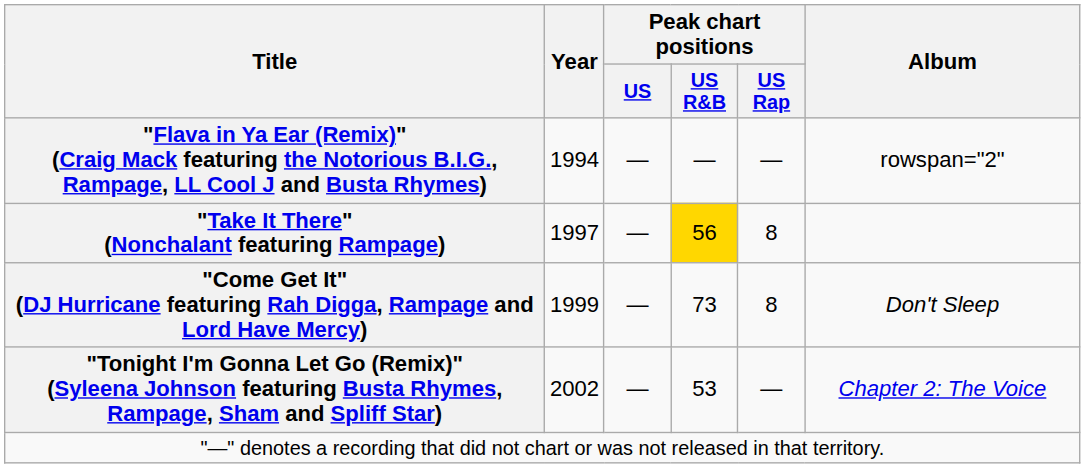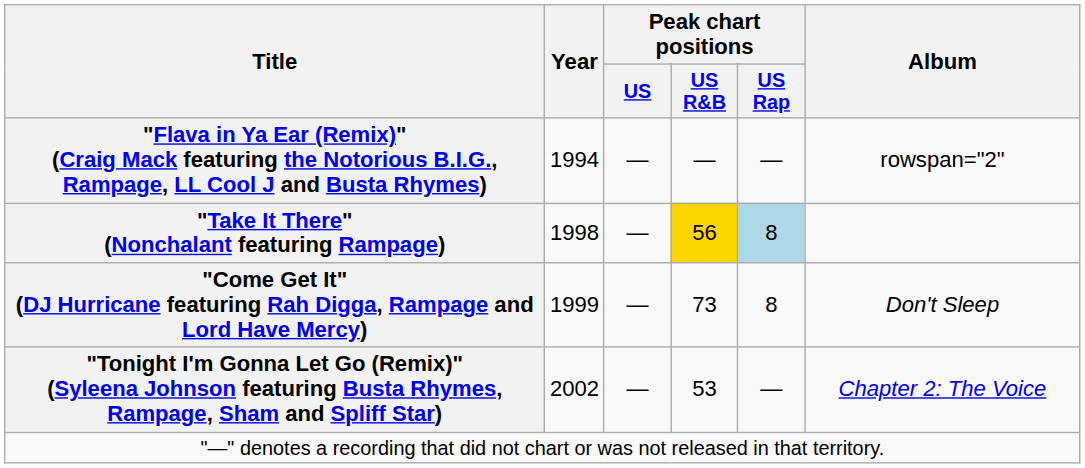 <table class="wikitable plainrowheaders" style="text-align:center;">
 <tr>
 <th scope="col" rowspan="2" style="width:24em;">Title</th>
 <th scope="col" rowspan="2">Year</th>
 <th scope="col" colspan="3">Peak chart positions</th>
 <th scope="col" rowspan="2" style="width:12em;">Album</th>
 </tr>
 <tr>
 <th scope="col" style="width:2.9em;font-size:90%;"><a href='#'>US</a></th>
 <th scope="col" style="width:2.9em;font-size:90%;"><a href='#'>US<br>R&B</a></th>
 <th scope="col" style="width:2.9em;font-size:90%;"><a href='#'>US<br>Rap</a></th>
 </tr>
 <tr>
 <th scope="row">"<a href='#'>Flava in Ya Ear (Remix)</a>"<br><span>(<a href='#'>Craig Mack</a> featuring <a href='#'>the Notorious B.I.G.</a>, <a href='#'>Rampage</a>, <a href='#'>LL Cool J</a> and <a href='#'>Busta Rhymes</a>)</span></th>
 <td>1994</td>
 <td>—</td>
 <td>—</td>
 <td>—</td>
 <td>rowspan="2" </td>
 </tr>
 <tr>
 <th scope="row">"<a href='#'>Take It There</a>"<br><span>(<a href='#'>Nonchalant</a> featuring <a href='#'>Rampage</a>)</span></th>
-<td>1997</td>
+<td>1998</td>
 <td>—</td>
 <td style="background: gold;">56</td>
-<td>8</td>
+<td style="background: lightblue;">8</td>
 </tr>
 <tr>
 <th scope="row">"Come Get It"<br><span>(<a href='#'>DJ Hurricane</a> featuring <a href='#'>Rah Digga</a>, <a href='#'>Rampage</a> and <a href='#'>Lord Have Mercy</a>)</span></th>
 <td>1999</td>
 <td>—</td>
 <td>73</td>
 <td>8</td>
 <td><em>Don't Sleep</em></td>
 </tr>
 <tr>
 <th scope="row">"Tonight I'm Gonna Let Go (Remix)"<br><span>(<a href='#'>Syleena Johnson</a> featuring <a href='#'>Busta Rhymes</a>, <a href='#'>Rampage</a>, <a href='#'>Sham</a> and <a href='#'>Spliff Star</a>)</span></th>
 <td>2002</td>
 <td>—</td>
 <td>53</td>
 <td>—</td>
 <td><em><a href='#'>Chapter 2: The Voice</a></em></td>
 </tr>
 <tr>
 <td colspan="6" style="font-size:90%">"—" denotes a recording that did not chart or was not released in that territory.</td>
 </tr>
 </table>
